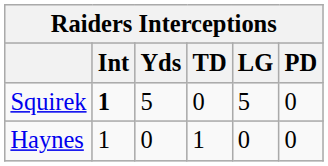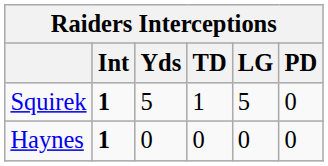 <table class="wikitable">
 <tr>
 <th colspan="6">Raiders Interceptions</th>
 </tr>
 <tr>
 <th></th>
 <th>Int</th>
 <th>Yds</th>
 <th>TD</th>
 <th>LG</th>
 <th>PD</th>
 </tr>
 <tr>
 <td><a href='#'>Squirek</a></td>
 <td><strong>1</strong></td>
 <td>5</td>
-<td>0</td>
+<td>1</td>
 <td>5</td>
 <td>0</td>
 </tr>
 <tr>
 <td><a href='#'>Haynes</a></td>
-<td>1</td>
+<td><strong>1</strong></td>
 <td>0</td>
-<td>1</td>
+<td>0</td>
 <td>0</td>
 <td>0</td>
 </tr>
 </table>
